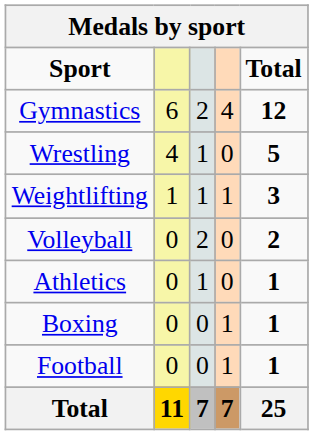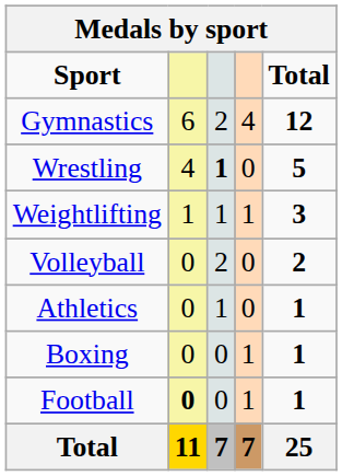 <table class=wikitable style="font-size:95%; float:right">
 <tr bgcolor=efefef>
 <th colspan=7>Medals by sport</th>
 </tr>
 <tr align=center>
 <td><strong>Sport</strong></td>
 <td bgcolor=f7f6a8></td>
 <td bgcolor=dce5e5></td>
 <td bgcolor=ffdab9></td>
 <td><strong>Total</strong></td>
 </tr>
 <tr align=center>
 <td><a href='#'>Gymnastics</a></td>
 <td style="background:#F7F6A8;">6</td>
 <td style="background:#DCE5E5;">2</td>
 <td style="background:#FFDAB9;">4</td>
 <td><strong>12</strong></td>
 </tr>
 <tr align=center>
 <td><a href='#'>Wrestling</a></td>
 <td style="background:#F7F6A8;">4</td>
-<td style="background:#DCE5E5;">1</td>
+<td style="background:#DCE5E5;"><strong>1</strong></td>
 <td style="background:#FFDAB9;">0</td>
 <td><strong>5</strong></td>
 </tr>
 <tr align=center>
 <td><a href='#'>Weightlifting</a></td>
 <td style="background:#F7F6A8;">1</td>
 <td style="background:#DCE5E5;">1</td>
 <td style="background:#FFDAB9;">1</td>
 <td><strong>3</strong></td>
 </tr>
 <tr align=center>
 <td><a href='#'>Volleyball</a></td>
 <td style="background:#F7F6A8;">0</td>
 <td style="background:#DCE5E5;">2</td>
 <td style="background:#FFDAB9;">0</td>
 <td><strong>2</strong></td>
 </tr>
 <tr align=center>
 <td><a href='#'>Athletics</a></td>
 <td style="background:#F7F6A8;">0</td>
 <td style="background:#DCE5E5;">1</td>
 <td style="background:#FFDAB9;">0</td>
 <td><strong>1</strong></td>
 </tr>
 <tr align=center>
 <td><a href='#'>Boxing</a></td>
 <td style="background:#F7F6A8;">0</td>
 <td style="background:#DCE5E5;">0</td>
 <td style="background:#FFDAB9;">1</td>
 <td><strong>1</strong></td>
 </tr>
 <tr align=center>
 <td><a href='#'>Football</a></td>
-<td style="background:#F7F6A8;">0</td>
+<td style="background:#F7F6A8;"><strong>0</strong></td>
 <td style="background:#DCE5E5;">0</td>
 <td style="background:#FFDAB9;">1</td>
 <td><strong>1</strong></td>
 </tr>
 <tr align=center>
 <th>Total</th>
 <th style="background:gold">11</th>
 <th style="background:silver">7</th>
 <th style="background:#c96">7</th>
 <th>25</th>
 </tr>
 </table>
